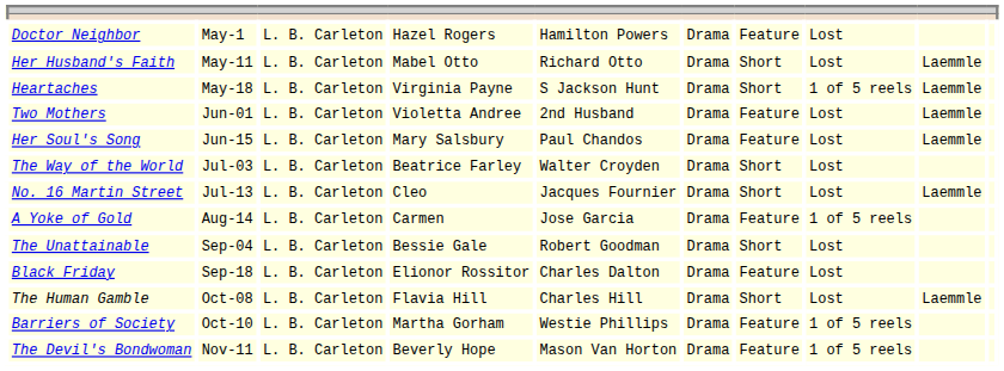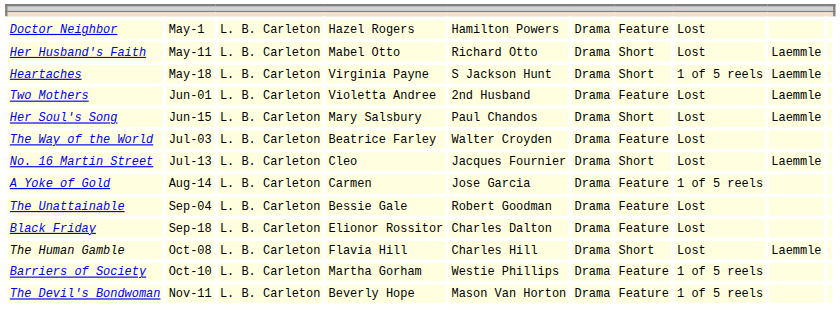 <table class="wikitable mw-collapsible mw-collapsed" style="background:lightyellow; border:2px solid gray;font-size:80%; ">
 <tr>
 <th colspan="18" style="border:1px solid #808080;background: lightgrey;"></th>
 </tr>
 <tr>
 <th style="border: 0px solid #FFFAF5; background:#F2E0CE"></th>
 <th style="border:0px solid #FFFAF5; background:#F2E0CE"></th>
 <th style="border:0px solid #FFFAF5; background:#F2E0CE"></th>
 <th style="border:0px solid #FFFAF5; background:#F2E0CE"></th>
 <th style="border:0px solid #FFFAF5; background:#F2E0CE"></th>
 <th style="border:0px solid #FFFAF5; background:#F2E0CE"></th>
 <th style="border:0px solid #FFFAF5; background:#F2E0CE"></th>
 <th style="border:0px solid #FFFAF5; background:#F2E0CE"></th>
 <th style="border:0px solid #FFFAF5; background:#F2E0CE"></th>
 <th style="border:0px solid #FFFAF5; background:#F2E0CE"></th>
 </tr>
 <tr>
 <td style="border:3px solid #FFFFFF"><em><a href='#'>Doctor Neighbor</a></em></td>
 <td style="border:3px solid #FFFFFF">May-1</td>
 <td style="border:3px solid #FFFFFF">L. B. Carleton</td>
 <td style="border:3px solid #FFFFFF">Hazel Rogers</td>
 <td style="border:3px solid #FFFFFF">Hamilton Powers</td>
 <td style="border:3px solid #FFFFFF">Drama</td>
 <td style="border:3px solid #FFFFFF">Feature</td>
 <td style="border:3px solid #FFFFFF">Lost</td>
 <td style="border:3px solid #FFFFFF"></td>
 <td style="border:3px solid #FFFFFF"></td>
 </tr>
 <tr>
 <td style="border:3px solid #FFFFFF"><em><a href='#'>Her Husband's Faith</a></em></td>
 <td style="border:3px solid #FFFFFF">May-11</td>
 <td style="border:3px solid #FFFFFF">L. B. Carleton</td>
 <td style="border:3px solid #FFFFFF">Mabel Otto</td>
 <td style="border:3px solid #FFFFFF">Richard Otto</td>
 <td style="border:3px solid #FFFFFF">Drama</td>
 <td style="border:3px solid #FFFFFF">Short</td>
 <td style="border:3px solid #FFFFFF">Lost</td>
 <td style="border:3px solid #FFFFFF">Laemmle</td>
 <td style="border:3px solid #FFFFFF"></td>
 </tr>
 <tr>
 <td style="border:3px solid #FFFFFF"><em><a href='#'>Heartaches</a> </em></td>
 <td style="border:3px solid #FFFFFF">May-18</td>
 <td style="border:3px solid #FFFFFF">L. B. Carleton</td>
 <td style="border:3px solid #FFFFFF">Virginia Payne</td>
 <td style="border:3px solid #FFFFFF">S Jackson Hunt</td>
 <td style="border:3px solid #FFFFFF">Drama</td>
 <td style="border:3px solid #FFFFFF">Short</td>
 <td style="border:3px solid #FFFFFF">1 of 5 reels</td>
 <td style="border:3px solid #FFFFFF">Laemmle</td>
 <td style="border:3px solid #FFFFFF"></td>
 </tr>
 <tr>
 <td style="border:3px solid #FFFFFF"><em><a href='#'>Two Mothers</a></em></td>
 <td style="border:3px solid #FFFFFF">Jun-01</td>
 <td style="border:3px solid #FFFFFF">L. B. Carleton</td>
 <td style="border:3px solid #FFFFFF">Violetta Andree</td>
 <td style="border:3px solid #FFFFFF">2nd Husband</td>
 <td style="border:3px solid #FFFFFF">Drama</td>
 <td style="border:3px solid #FFFFFF">Feature</td>
 <td style="border:3px solid #FFFFFF">Lost</td>
 <td style="border:3px solid #FFFFFF">Laemmle</td>
 <td style="border:3px solid #FFFFFF"></td>
 </tr>
 <tr>
 <td style="border:3px solid #FFFFFF"><em><a href='#'>Her Soul's Song</a></em></td>
 <td style="border:3px solid #FFFFFF">Jun-15</td>
 <td style="border:3px solid #FFFFFF">L. B. Carleton</td>
 <td style="border:3px solid #FFFFFF">Mary Salsbury</td>
 <td style="border:3px solid #FFFFFF">Paul Chandos</td>
 <td style="border:3px solid #FFFFFF">Drama</td>
-<td style="border:3px solid #FFFFFF">Feature</td>
+<td style="border:3px solid #FFFFFF">Short</td>
 <td style="border:3px solid #FFFFFF">Lost</td>
 <td style="border:3px solid #FFFFFF">Laemmle</td>
 <td style="border:3px solid #FFFFFF"></td>
 </tr>
 <tr>
 <td style="border:3px solid #FFFFFF"><em><a href='#'>The Way of the World</a></em></td>
 <td style="border:3px solid #FFFFFF">Jul-03</td>
 <td style="border:3px solid #FFFFFF">L. B. Carleton</td>
 <td style="border:3px solid #FFFFFF">Beatrice Farley</td>
 <td style="border:3px solid #FFFFFF">Walter Croyden</td>
 <td style="border:3px solid #FFFFFF">Drama</td>
-<td style="border:3px solid #FFFFFF">Short</td>
+<td style="border:3px solid #FFFFFF">Feature</td>
 <td style="border:3px solid #FFFFFF">Lost</td>
 <td style="border:3px solid #FFFFFF"></td>
 <td style="border:3px solid #FFFFFF"></td>
 </tr>
 <tr>
 <td style="border:3px solid #FFFFFF"><em><a href='#'>No. 16 Martin Street</a></em></td>
 <td style="border:3px solid #FFFFFF">Jul-13</td>
 <td style="border:3px solid #FFFFFF">L. B. Carleton</td>
 <td style="border:3px solid #FFFFFF">Cleo</td>
 <td style="border:3px solid #FFFFFF">Jacques Fournier</td>
 <td style="border:3px solid #FFFFFF">Drama</td>
 <td style="border:3px solid #FFFFFF">Short</td>
 <td style="border:3px solid #FFFFFF">Lost</td>
 <td style="border:3px solid #FFFFFF">Laemmle</td>
 <td style="border:3px solid #FFFFFF"></td>
 </tr>
 <tr>
 <td style="border:3px solid #FFFFFF"><em><a href='#'>A Yoke of Gold</a></em></td>
 <td style="border:3px solid #FFFFFF">Aug-14</td>
 <td style="border:3px solid #FFFFFF">L. B. Carleton</td>
 <td style="border:3px solid #FFFFFF">Carmen</td>
 <td style="border:3px solid #FFFFFF">Jose Garcia</td>
 <td style="border:3px solid #FFFFFF">Drama</td>
 <td style="border:3px solid #FFFFFF">Feature</td>
 <td style="border:3px solid #FFFFFF">1 of 5 reels</td>
 <td style="border:3px solid #FFFFFF"></td>
 <td style="border:3px solid #FFFFFF"></td>
 </tr>
 <tr>
 <td style="border:3px solid #FFFFFF"><em><a href='#'>The Unattainable</a></em></td>
 <td style="border:3px solid #FFFFFF">Sep-04</td>
 <td style="border:3px solid #FFFFFF">L. B. Carleton</td>
 <td style="border:3px solid #FFFFFF">Bessie Gale</td>
 <td style="border:3px solid #FFFFFF">Robert Goodman</td>
 <td style="border:3px solid #FFFFFF">Drama</td>
-<td style="border:3px solid #FFFFFF">Short</td>
+<td style="border:3px solid #FFFFFF">Feature</td>
 <td style="border:3px solid #FFFFFF">Lost</td>
 <td style="border:3px solid #FFFFFF"></td>
 <td style="border:3px solid #FFFFFF"></td>
 </tr>
 <tr>
 <td style="border:3px solid #FFFFFF"><em><a href='#'>Black Friday</a></em></td>
 <td style="border:3px solid #FFFFFF">Sep-18</td>
 <td style="border:3px solid #FFFFFF">L. B. Carleton</td>
 <td style="border:3px solid #FFFFFF">Elionor Rossitor</td>
 <td style="border:3px solid #FFFFFF">Charles Dalton</td>
 <td style="border:3px solid #FFFFFF">Drama</td>
 <td style="border:3px solid #FFFFFF">Feature</td>
 <td style="border:3px solid #FFFFFF">Lost</td>
 <td style="border:3px solid #FFFFFF"></td>
 <td style="border:3px solid #FFFFFF"></td>
 </tr>
 <tr>
 <td style="border:3px solid #FFFFFF"><em>The Human Gamble</em></td>
 <td style="border:3px solid #FFFFFF">Oct-08</td>
 <td style="border:3px solid #FFFFFF">L. B. Carleton</td>
 <td style="border:3px solid #FFFFFF">Flavia Hill</td>
 <td style="border:3px solid #FFFFFF">Charles Hill</td>
 <td style="border:3px solid #FFFFFF">Drama</td>
 <td style="border:3px solid #FFFFFF">Short</td>
 <td style="border:3px solid #FFFFFF">Lost</td>
 <td style="border:3px solid #FFFFFF">Laemmle</td>
 <td style="border:3px solid #FFFFFF"></td>
 </tr>
 <tr>
 <td style="border:3px solid #FFFFFF"><em><a href='#'>Barriers of Society</a></em></td>
 <td style="border:3px solid #FFFFFF">Oct-10</td>
 <td style="border:3px solid #FFFFFF">L. B. Carleton</td>
 <td style="border:3px solid #FFFFFF">Martha Gorham</td>
 <td style="border:3px solid #FFFFFF">Westie Phillips</td>
 <td style="border:3px solid #FFFFFF">Drama</td>
 <td style="border:3px solid #FFFFFF">Feature</td>
 <td style="border:3px solid #FFFFFF">1 of 5 reels</td>
 <td style="border:3px solid #FFFFFF"></td>
 <td style="border:3px solid #FFFFFF"></td>
 </tr>
 <tr>
 <td style="border:3px solid #FFFFFF"><em><a href='#'>The Devil's Bondwoman</a></em></td>
 <td style="border:3px solid #FFFFFF">Nov-11</td>
 <td style="border:3px solid #FFFFFF">L. B. Carleton</td>
 <td style="border:3px solid #FFFFFF">Beverly Hope</td>
 <td style="border:3px solid #FFFFFF">Mason Van Horton</td>
 <td style="border:3px solid #FFFFFF">Drama</td>
 <td style="border:3px solid #FFFFFF">Feature</td>
 <td style="border:3px solid #FFFFFF">1 of 5 reels</td>
 <td style="border:3px solid #FFFFFF"></td>
 <td style="border:3px solid #FFFFFF"></td>
 </tr>
 </table>
